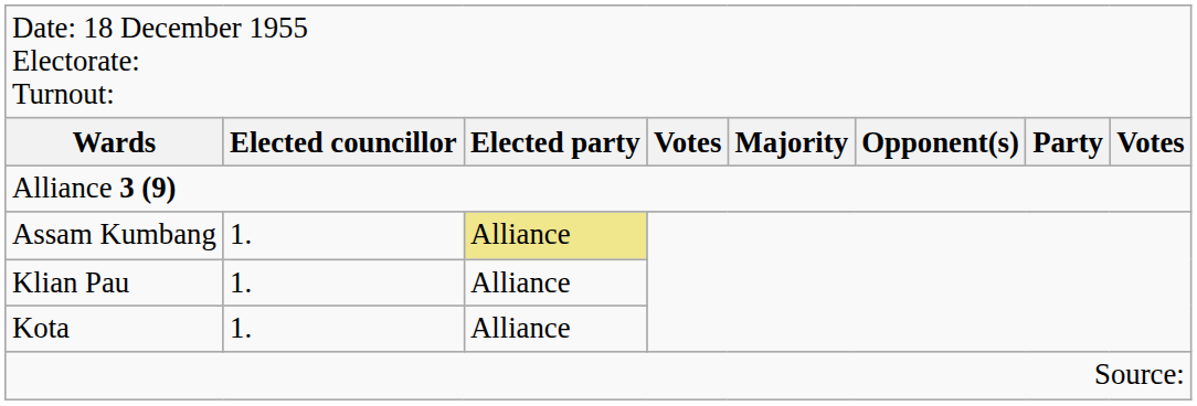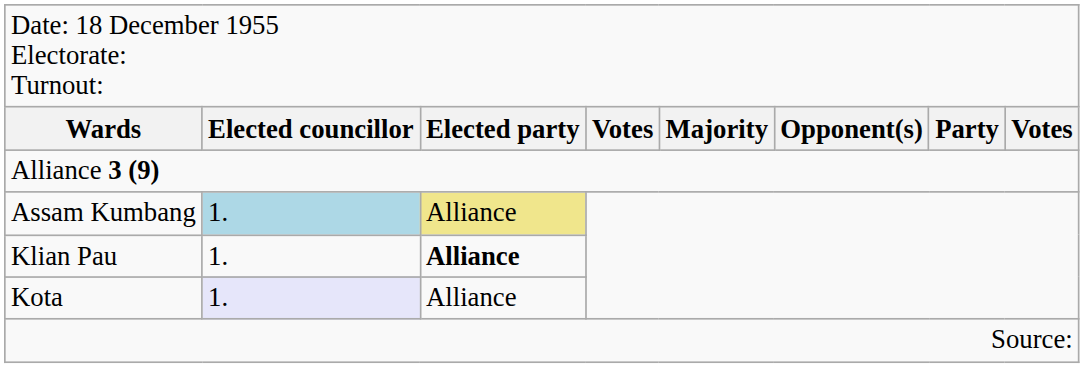 <table class=wikitable>
 <tr>
 <td colspan=8>Date: 18 December 1955<br>Electorate: <br>Turnout:</td>
 </tr>
 <tr>
 <th>Wards</th>
 <th>Elected councillor</th>
 <th>Elected party</th>
 <th>Votes</th>
 <th>Majority</th>
 <th>Opponent(s)</th>
 <th>Party</th>
 <th>Votes</th>
 </tr>
 <tr>
 <td colspan=8>Alliance <strong>3 (9)</strong> </td>
 </tr>
 <tr>
 <td>Assam Kumbang</td>
-<td>1.</td>
+<td style="background: lightblue;">1.</td>
 <td style="background: khaki;">Alliance</td>
 </tr>
 <tr>
 <td>Klian Pau</td>
 <td>1.</td>
-<td>Alliance</td>
+<td><strong>Alliance</strong></td>
 </tr>
 <tr>
 <td>Kota</td>
-<td>1.</td>
+<td style="background: lavender;">1.</td>
 <td>Alliance</td>
 </tr>
 <tr>
 <td colspan="8" style="text-align:right;">Source: </td>
 </tr>
 </table>
